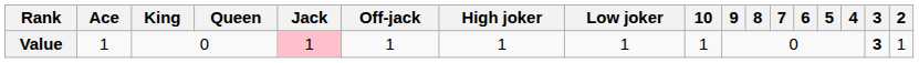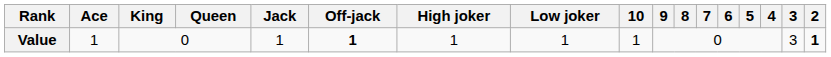 <table class="wikitable" width="100%">
 <tr>
 <th><strong>Rank</strong></th>
 <th>Ace</th>
 <th>King</th>
 <th>Queen</th>
 <th>Jack</th>
 <th>Off-jack</th>
 <th>High joker</th>
 <th>Low joker</th>
 <th>10</th>
 <th>9</th>
 <th>8</th>
 <th>7</th>
 <th>6</th>
 <th>5</th>
 <th>4</th>
 <th>3</th>
 <th>2</th>
 </tr>
 <tr align="center">
 <th><strong>Value</strong></th>
 <td>1</td>
 <td colspan=2>0</td>
-<td style="background: pink;">1</td>
 <td>1</td>
+<td><strong>1</strong></td>
 <td>1</td>
 <td>1</td>
 <td>1</td>
 <td colspan=6>0</td>
-<td><strong>3</strong></td>
-<td>1</td>
+<td>3</td>
+<td><strong>1</strong></td>
 </tr>
 </table>
